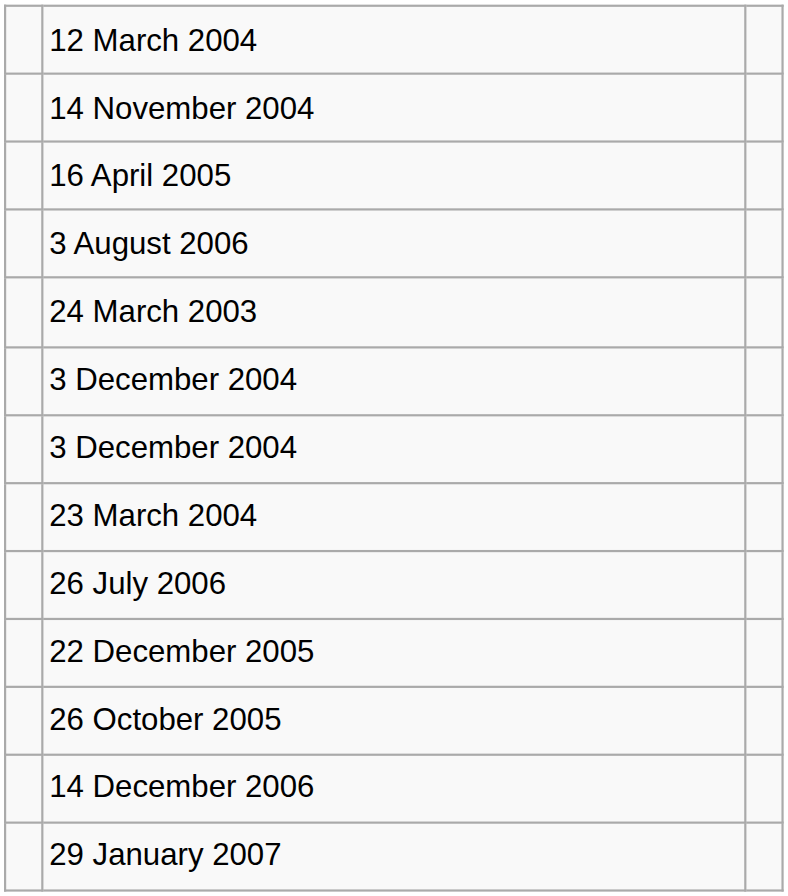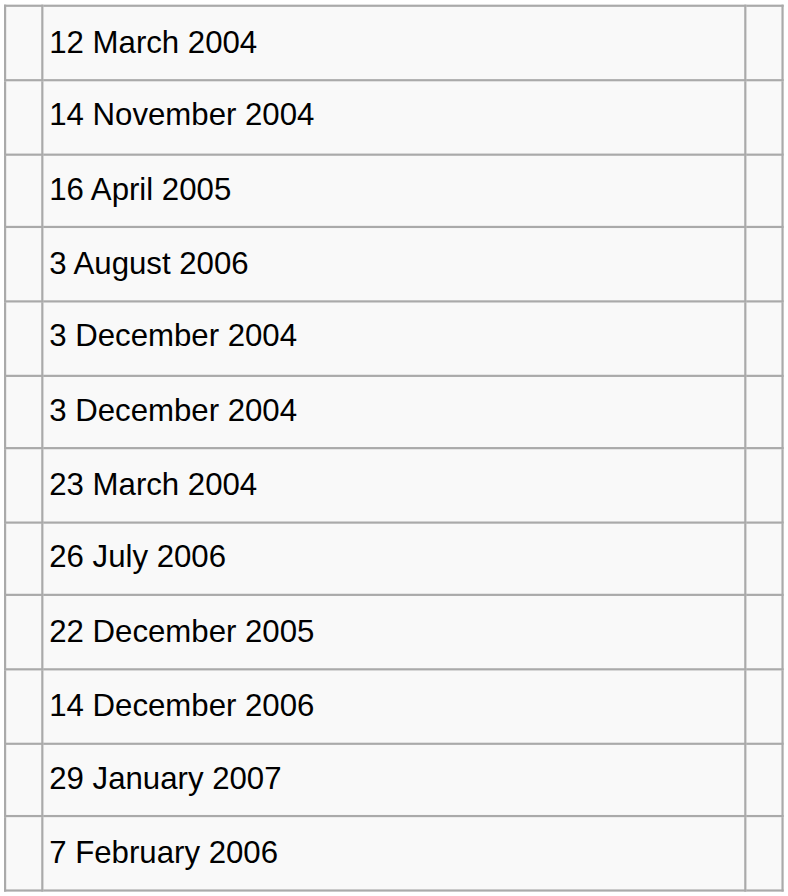 <table class="wikitable" style="font-size: 89%; float: left; width: 25em; margin-right: 1em; line-height: 1.65em !important; height: 405px;">
 <tr>
 <td></td>
 <td>12 March 2004</td>
 <td></td>
 </tr>
 <tr>
 <td></td>
 <td>14 November 2004</td>
 <td></td>
 </tr>
 <tr>
 <td></td>
 <td>16 April 2005</td>
 <td></td>
 </tr>
 <tr>
 <td></td>
 <td>3 August 2006</td>
-<td></td>
-</tr>
-<tr>
-<td></td>
-<td>24 March 2003</td>
 <td></td>
 </tr>
 <tr>
 <td></td>
 <td>3 December 2004</td>
 <td></td>
 </tr>
 <tr>
 <td></td>
 <td>3 December 2004</td>
 <td></td>
 </tr>
 <tr>
 <td></td>
 <td>23 March 2004</td>
 <td></td>
 </tr>
 <tr>
 <td></td>
 <td>26 July 2006</td>
 <td></td>
 </tr>
 <tr>
 <td></td>
 <td>22 December 2005</td>
 <td></td>
 </tr>
 <tr>
 <td></td>
-<td>26 October 2005</td>
-<td></td>
-</tr>
-<tr>
-<td></td>
 <td>14 December 2006</td>
 <td></td>
 </tr>
 <tr>
 <td></td>
 <td>29 January 2007</td>
 <td></td>
 </tr>
+<tr>
+<td></td>
+<td>7 February 2006</td>
+<td></td>
+</tr>
 </table>
